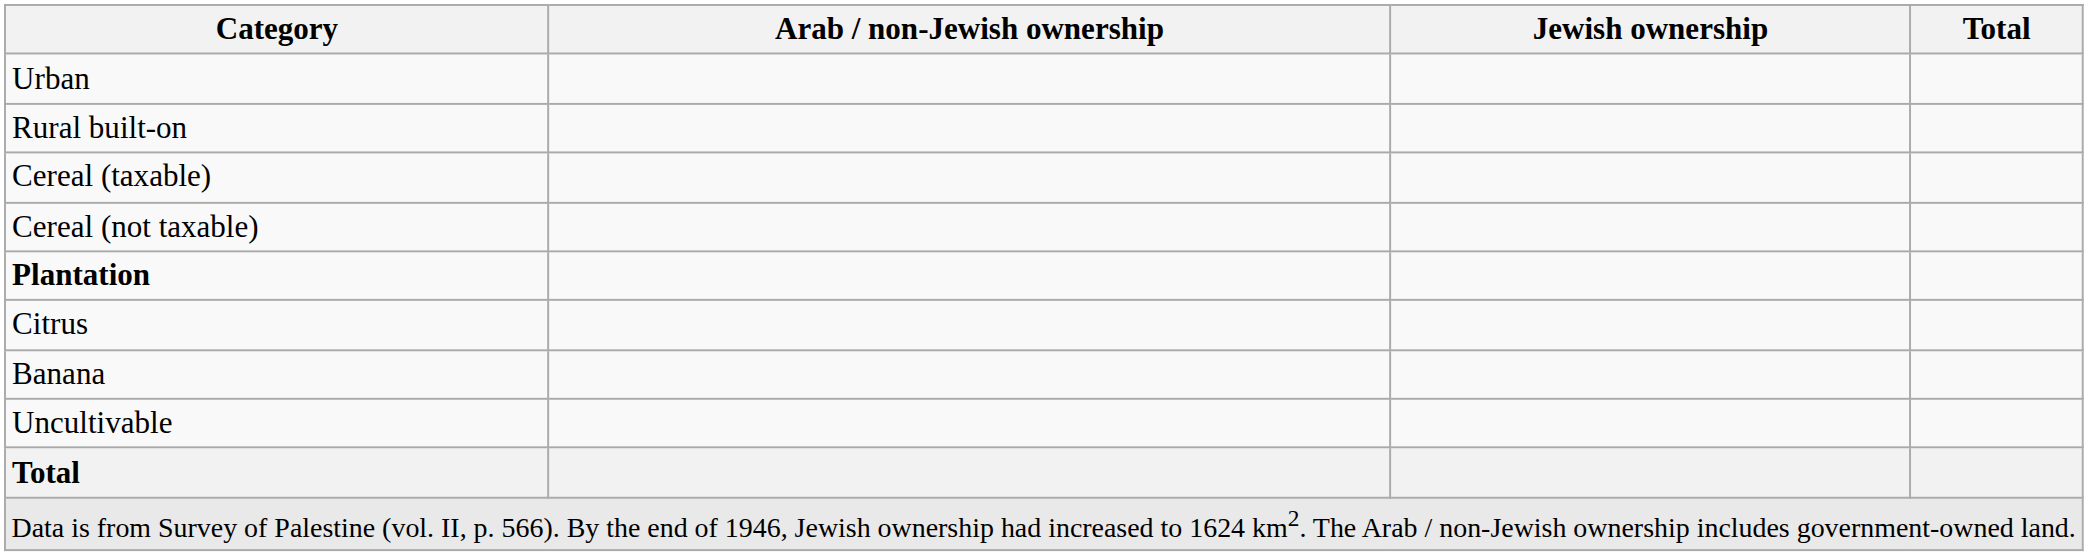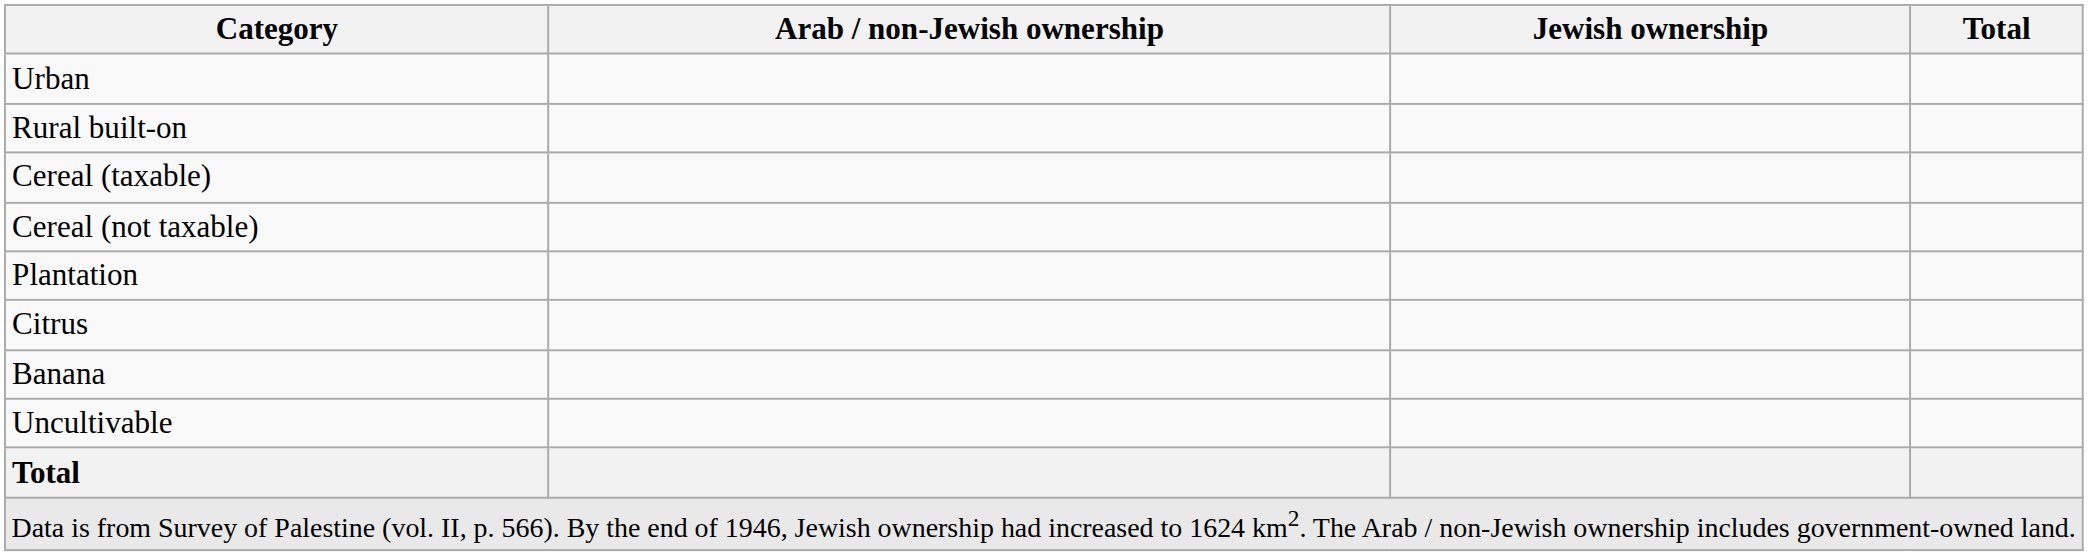 <table class="wikitable" style="text-align:right;">
 <tr>
 <th>Category</th>
 <th>Arab / non-Jewish ownership</th>
 <th>Jewish ownership</th>
 <th>Total</th>
 </tr>
 <tr>
 <td align="left">Urban</td>
 <td></td>
 <td></td>
 <td></td>
 </tr>
 <tr>
 <td align="left">Rural built-on</td>
 <td></td>
 <td></td>
 <td></td>
 </tr>
 <tr>
 <td align="left">Cereal (taxable)</td>
 <td></td>
 <td></td>
 <td></td>
 </tr>
 <tr>
 <td align="left">Cereal (not taxable)</td>
 <td></td>
 <td></td>
 <td></td>
 </tr>
 <tr>
-<td align="left"><strong>Plantation</strong></td>
+<td align="left">Plantation</td>
 <td></td>
 <td></td>
 <td></td>
 </tr>
 <tr>
 <td align="left">Citrus</td>
 <td></td>
 <td></td>
 <td></td>
 </tr>
 <tr>
 <td align="left">Banana</td>
 <td></td>
 <td></td>
 <td></td>
 </tr>
 <tr>
 <td align="left">Uncultivable</td>
 <td></td>
 <td></td>
 <td></td>
 </tr>
 <tr style="background:#f2f2f2; font-weight:bold">
 <td align="left">Total</td>
 <td></td>
 <td></td>
 <td></td>
 </tr>
 <tr>
 <td colspan="7" style="background:#e9e9e9;font-size:90%;">Data is from Survey of Palestine (vol. II, p. 566). By the end of 1946, Jewish ownership had increased to 1624 km<sup>2</sup>. The Arab / non-Jewish ownership includes government-owned land.</td>
 </tr>
 </table>
